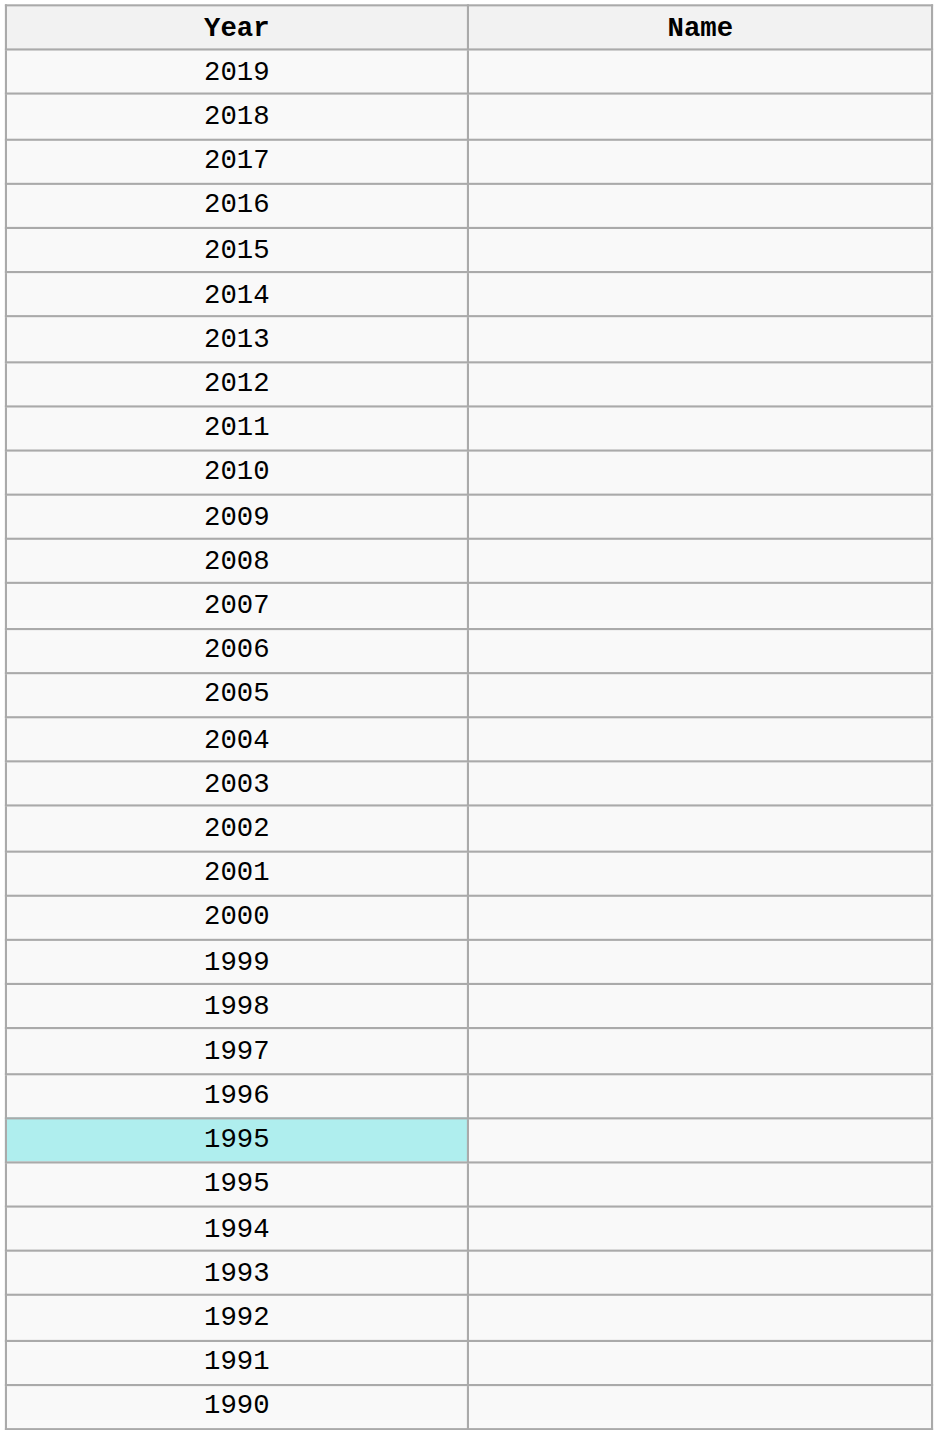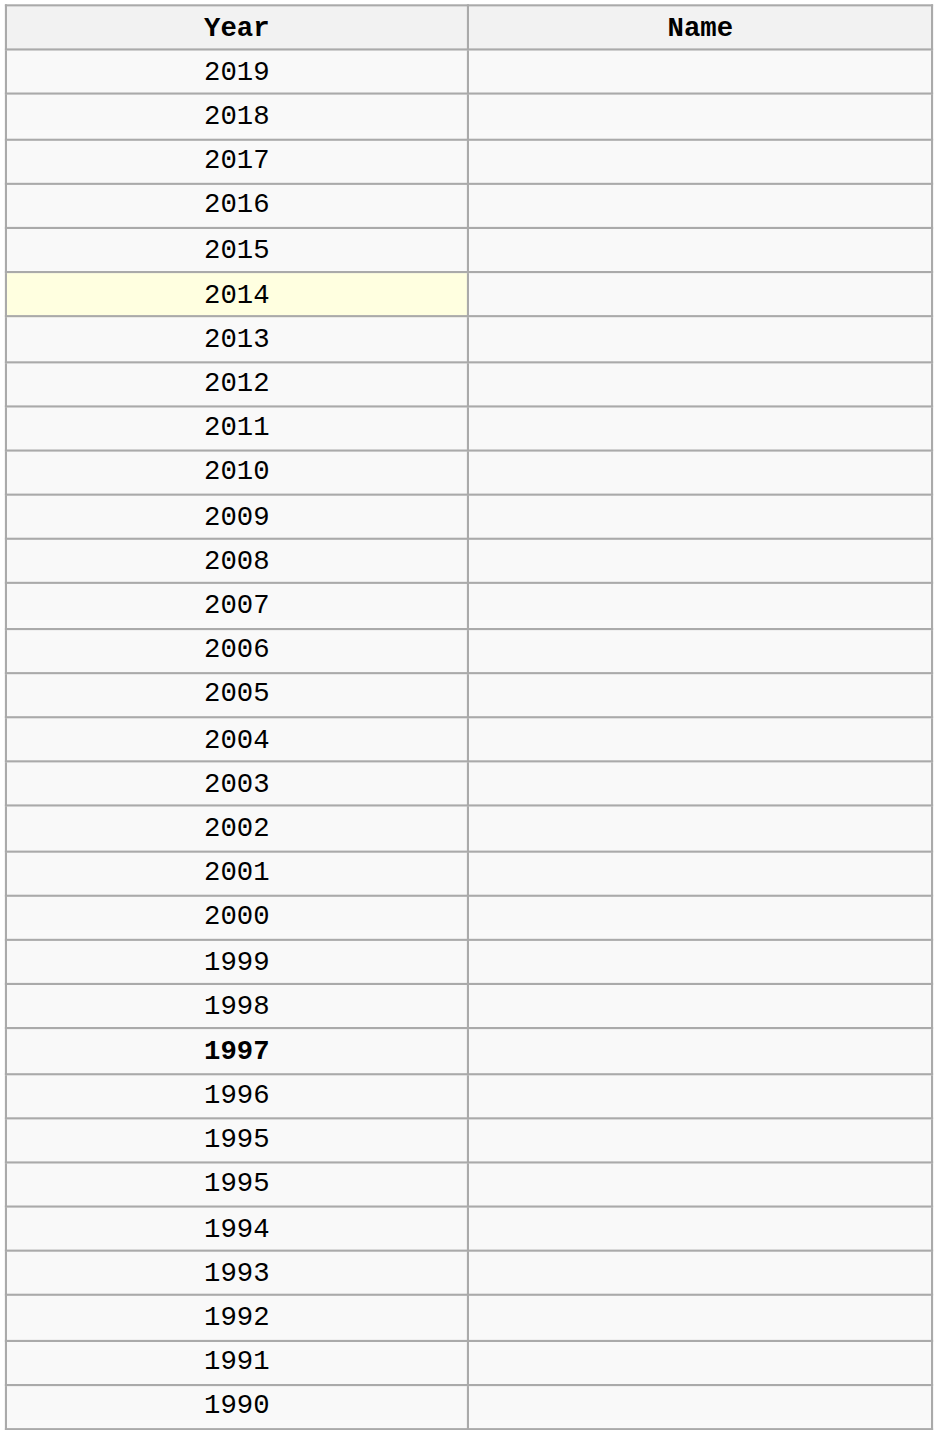 <table class="wikitable collapsible collapsed sortable" style="float:right; width: 35%; margin-left:5px;">
 <tr>
 <th align=center>Year</th>
 <th>Name</th>
 </tr>
 <tr>
 <td align=center>2019</td>
 <td></td>
 </tr>
 <tr>
 <td align=center>2018</td>
 <td></td>
 </tr>
 <tr>
 <td align=center>2017</td>
 <td></td>
 </tr>
 <tr>
 <td align=center>2016</td>
 <td></td>
 </tr>
 <tr>
 <td align=center>2015</td>
 <td></td>
 </tr>
 <tr>
-<td align=center>2014</td>
+<td align=center style="background: lightyellow;">2014</td>
 <td></td>
 </tr>
 <tr>
 <td align=center>2013</td>
 <td></td>
 </tr>
 <tr>
 <td align=center>2012</td>
 <td></td>
 </tr>
 <tr>
 <td align=center>2011</td>
 <td></td>
 </tr>
 <tr>
 <td align=center>2010</td>
 <td></td>
 </tr>
 <tr>
 <td align=center>2009</td>
 <td></td>
 </tr>
 <tr>
 <td align=center>2008</td>
 <td></td>
 </tr>
 <tr>
 <td align=center>2007</td>
 <td></td>
 </tr>
 <tr>
 <td align=center>2006</td>
 <td></td>
 </tr>
 <tr>
 <td align=center>2005</td>
 <td></td>
 </tr>
 <tr>
 <td align=center>2004</td>
 <td></td>
 </tr>
 <tr>
 <td align=center>2003</td>
 <td></td>
 </tr>
 <tr>
 <td align=center>2002</td>
 <td></td>
 </tr>
 <tr>
 <td align=center>2001</td>
 <td></td>
 </tr>
 <tr>
 <td align=center>2000</td>
 <td></td>
 </tr>
 <tr>
 <td align=center>1999</td>
 <td></td>
 </tr>
 <tr>
 <td align=center>1998</td>
 <td></td>
 </tr>
 <tr>
-<td align=center>1997</td>
+<td align=center><strong>1997</strong></td>
 <td></td>
 </tr>
 <tr>
 <td align=center>1996</td>
 <td></td>
 </tr>
 <tr>
-<td align=center style="background: paleturquoise;">1995</td>
+<td align=center>1995</td>
 <td></td>
 </tr>
 <tr>
 <td align=center>1995</td>
 <td></td>
 </tr>
 <tr>
 <td align=center>1994</td>
 <td></td>
 </tr>
 <tr>
 <td align=center>1993</td>
 <td></td>
 </tr>
 <tr>
 <td align=center>1992</td>
 <td></td>
 </tr>
 <tr>
 <td align=center>1991</td>
 <td></td>
 </tr>
 <tr>
 <td align=center>1990</td>
 <td></td>
 </tr>
 </table>
